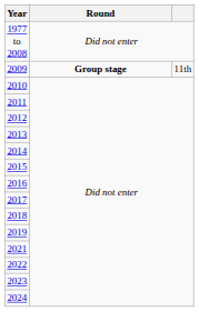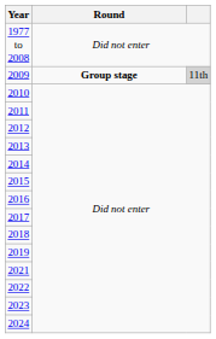 <table class="wikitable" style="text-align: center; font-size:90%">
 <tr>
 <th>Year</th>
 <th style="width:200px">Round</th>
 <th></th>
 </tr>
 <tr>
 <td><a href='#'>1977</a><br>to<br><a href='#'>2008</a></td>
 <td colspan="2"><em>Did not enter</em></td>
 </tr>
 <tr>
 <td><a href='#'>2009</a></td>
 <td><strong>Group stage</strong></td>
-<td>11th</td>
+<td style="background: lightgrey;">11th</td>
 </tr>
 <tr>
 <td><a href='#'>2010</a></td>
 <td colspan="2" rowspan="14"><em>Did not enter</em></td>
 </tr>
 <tr>
 <td><a href='#'>2011</a></td>
 </tr>
 <tr>
 <td><a href='#'>2012</a></td>
 </tr>
 <tr>
 <td><a href='#'>2013</a></td>
 </tr>
 <tr>
 <td><a href='#'>2014</a></td>
 </tr>
 <tr>
 <td><a href='#'>2015</a></td>
 </tr>
 <tr>
 <td><a href='#'>2016</a></td>
 </tr>
 <tr>
 <td><a href='#'>2017</a></td>
 </tr>
 <tr>
 <td><a href='#'>2018</a></td>
 </tr>
 <tr>
 <td><a href='#'>2019</a></td>
 </tr>
 <tr>
 <td><a href='#'>2021</a></td>
 </tr>
 <tr>
 <td><a href='#'>2022</a></td>
 </tr>
 <tr>
 <td><a href='#'>2023</a></td>
 </tr>
 <tr>
 <td><a href='#'>2024</a></td>
 </tr>
 </table>
